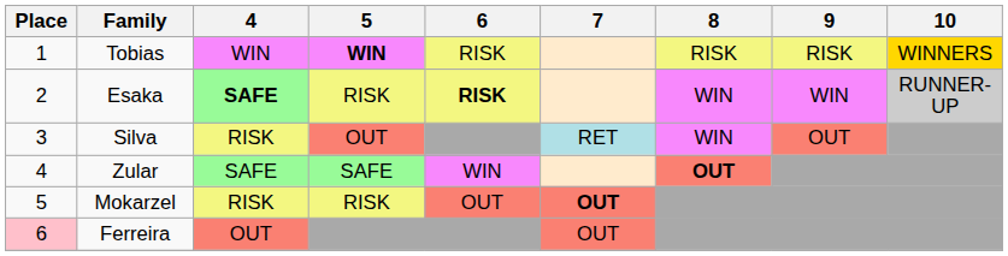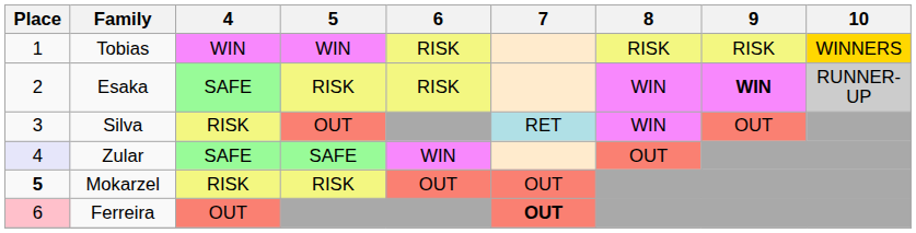 <table class="wikitable" style="text-align:center;">
 <tr>
 <th width=50>Place</th>
 <th width=85>Family</th>
 <th width=85>4</th>
 <th width=85>5</th>
 <th width=85>6</th>
 <th width=85>7</th>
 <th width=85>8</th>
 <th width=85>9</th>
 <th width=85>10</th>
 </tr>
 <tr>
 <td>1</td>
 <td>Tobias</td>
 <td bgcolor=F888FD>WIN</td>
-<td bgcolor=F888FD><strong>WIN</strong></td>
+<td bgcolor=F888FD>WIN</td>
 <td bgcolor=F3F781>RISK</td>
 <td bgcolor=FFEBCD></td>
 <td bgcolor=F3F781>RISK</td>
 <td bgcolor=F3F781>RISK</td>
 <td bgcolor=FFD700>WINNERS</td>
 </tr>
 <tr>
 <td>2</td>
 <td>Esaka</td>
-<td bgcolor=98FB98><strong>SAFE</strong></td>
+<td bgcolor=98FB98>SAFE</td>
 <td bgcolor=F3F781>RISK</td>
-<td bgcolor=F3F781><strong>RISK</strong></td>
+<td bgcolor=F3F781>RISK</td>
 <td bgcolor=FFEBCD></td>
 <td bgcolor=F888FD>WIN</td>
-<td bgcolor=F888FD>WIN</td>
+<td bgcolor=F888FD><strong>WIN</strong></td>
 <td bgcolor=CCCCCC>RUNNER-UP</td>
 </tr>
 <tr>
 <td>3</td>
 <td>Silva</td>
 <td bgcolor=F3F781>RISK</td>
 <td bgcolor=FA8072>OUT</td>
 <td bgcolor=A9A9A9></td>
 <td bgcolor=B0E0E6>RET</td>
 <td bgcolor=F888FD>WIN</td>
 <td bgcolor=FA8072>OUT</td>
 <td bgcolor=A9A9A9></td>
 </tr>
 <tr>
-<td>4</td>
+<td style="background: lavender;">4</td>
 <td>Zular</td>
 <td bgcolor=98FB98>SAFE</td>
 <td bgcolor=98FB98>SAFE</td>
 <td bgcolor=F888FD>WIN</td>
 <td bgcolor=FFEBCD></td>
-<td bgcolor=FA8072><strong>OUT</strong></td>
+<td bgcolor=FA8072>OUT</td>
 <td bgcolor=A9A9A9 colspan=2></td>
 </tr>
 <tr>
-<td>5</td>
+<td><strong>5</strong></td>
 <td>Mokarzel</td>
 <td bgcolor=F3F781>RISK</td>
 <td bgcolor=F3F781>RISK</td>
 <td bgcolor=FA8072>OUT</td>
-<td bgcolor=FA8072><strong>OUT</strong></td>
+<td bgcolor=FA8072>OUT</td>
 <td bgcolor=A9A9A9 colspan=3></td>
 </tr>
 <tr>
 <td style="background: pink;">6</td>
 <td>Ferreira</td>
 <td bgcolor=FA8072>OUT</td>
 <td bgcolor=A9A9A9 colspan=2></td>
-<td bgcolor=FA8072>OUT</td>
+<td bgcolor=FA8072><strong>OUT</strong></td>
 <td bgcolor=A9A9A9 colspan=3></td>
 </tr>
 <tr>
 </tr>
 </table>
